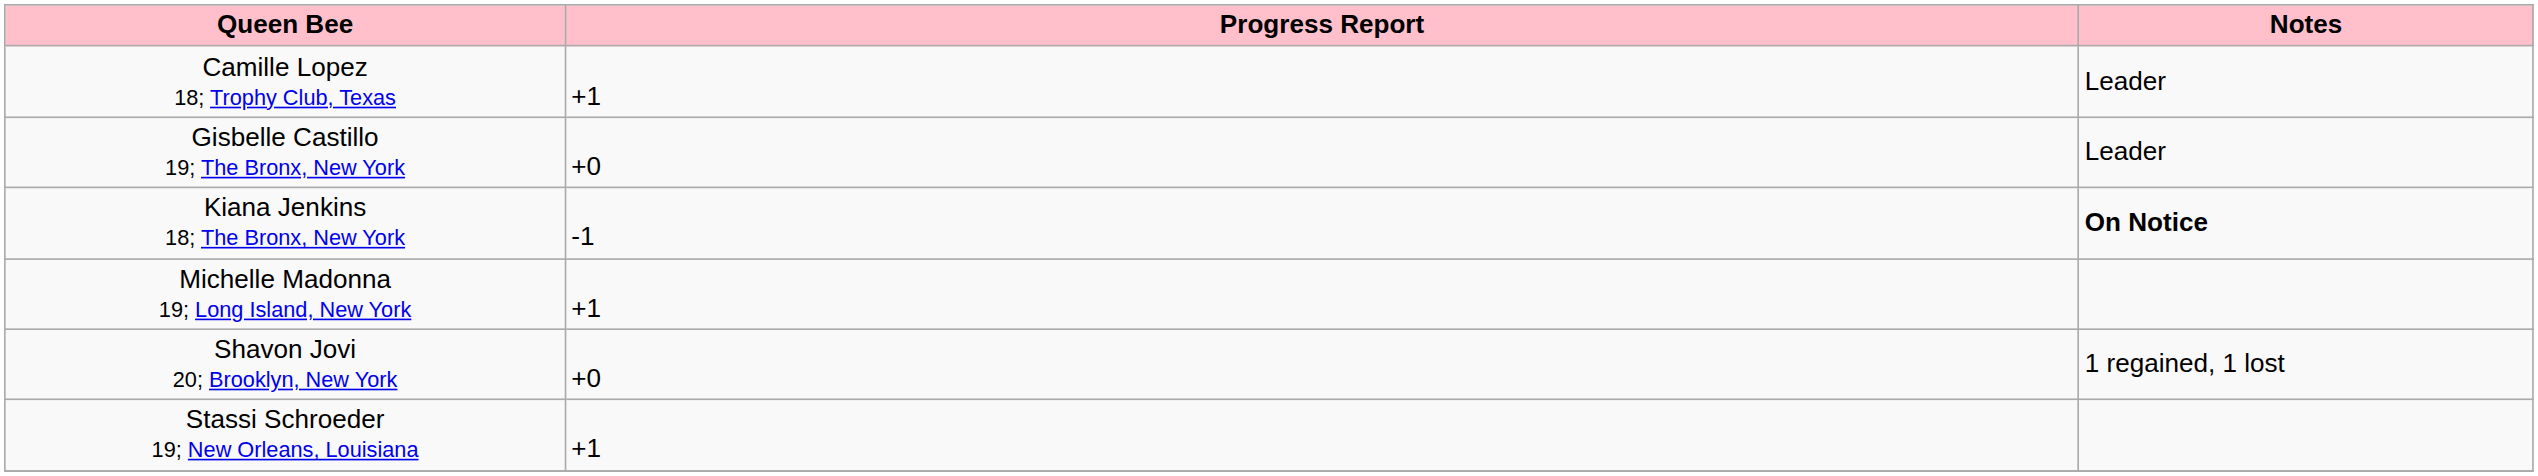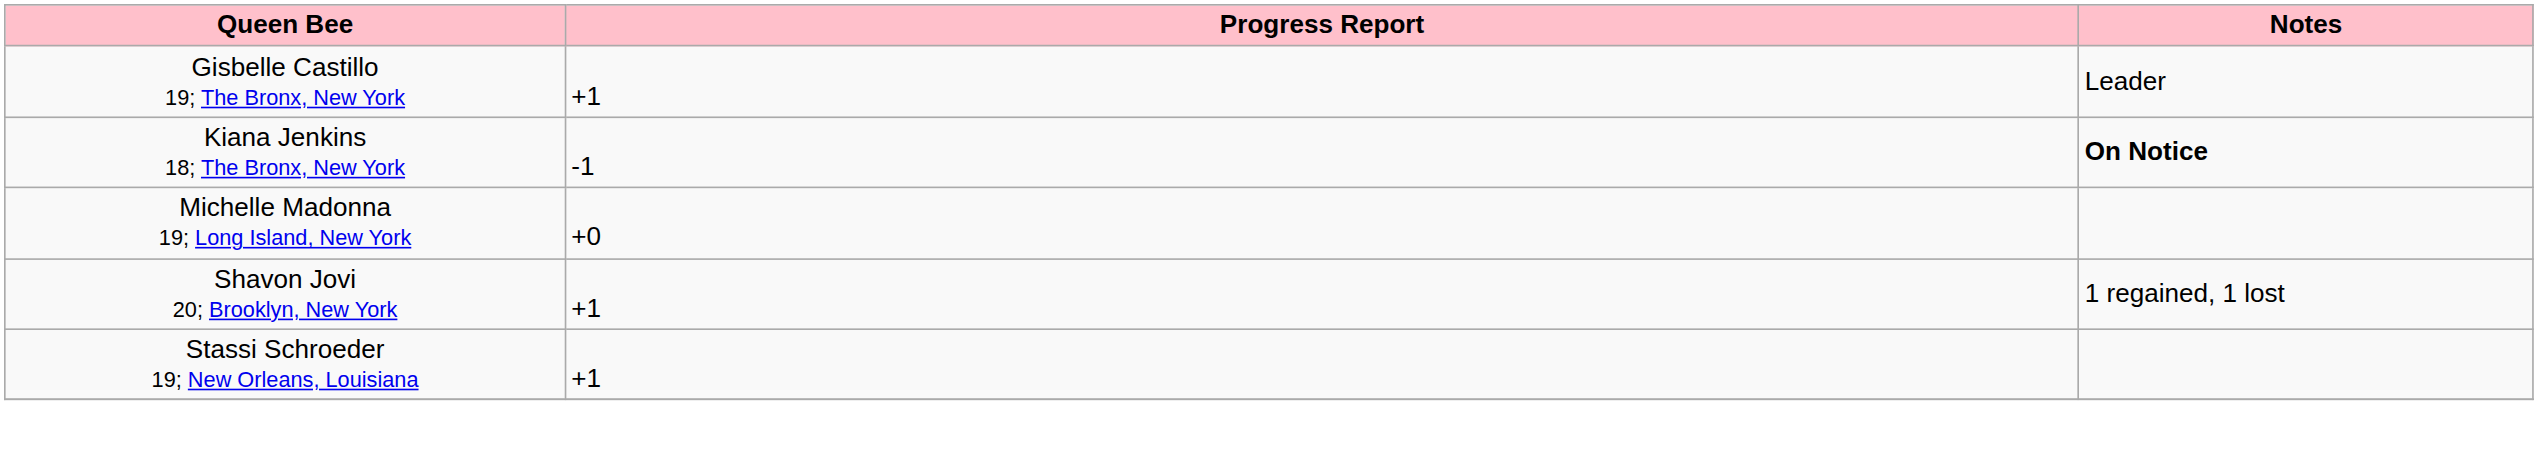 <table class="wikitable" width="98%">
 <tr>
 <th width="125" style="background:pink;">Queen Bee</th>
 <th width="350" style="background:pink;">Progress Report</th>
 <th width="100" style="background:pink;">Notes</th>
 </tr>
 <tr>
-<td style="text-align:center;">Camille Lopez<br><small>18; <a href='#'>Trophy Club, Texas</a></small></td>
+<td style="text-align:center;">Gisbelle Castillo<br><small>19; <a href='#'>The Bronx, New York</a></small></td>
 <td><br>        +1</td>
-<td>Leader</td>
-</tr>
-<tr>
-<td style="text-align:center;">Gisbelle Castillo<br><small>19; <a href='#'>The Bronx, New York</a></small></td>
-<td><br>        +0</td>
 <td>Leader</td>
 </tr>
 <tr>
 <td style="text-align:center;">Kiana Jenkins<br><small>18; <a href='#'>The Bronx, New York</a></small></td>
 <td><br>     -1</td>
 <td><strong>On Notice</strong></td>
 </tr>
 <tr>
 <td style="text-align:center;">Michelle Madonna<br><small>19; <a href='#'>Long Island, New York</a></small></td>
-<td><br>       +1</td>
+<td><br>       +0</td>
 <td></td>
 </tr>
 <tr>
 <td style="text-align:center;">Shavon Jovi<br><small>20; <a href='#'>Brooklyn, New York</a></small></td>
-<td><br>     +0</td>
+<td><br>     +1</td>
 <td>1 regained, 1 lost</td>
 </tr>
 <tr>
 <td style="text-align:center;">Stassi Schroeder<br><small>19; <a href='#'>New Orleans, Louisiana</a></small></td>
 <td><br>      +1</td>
 <td></td>
 </tr>
 <tr>
 </tr>
 </table>
